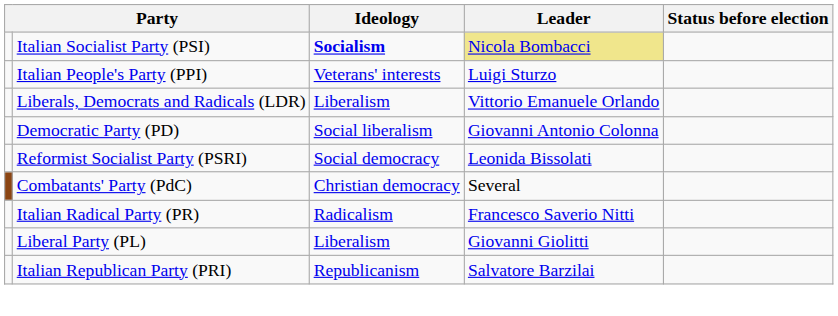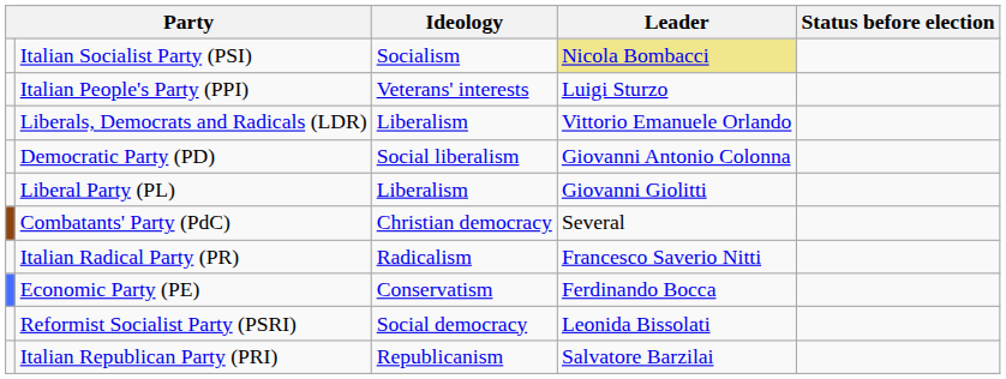 <table class=wikitable>
 <tr>
 <th colspan=2>Party</th>
 <th>Ideology</th>
 <th>Leader</th>
 <th>Status before election</th>
 </tr>
 <tr>
 <td></td>
 <td><a href='#'>Italian Socialist Party</a> (PSI)</td>
-<td><strong><a href='#'>Socialism</a></strong></td>
+<td><a href='#'>Socialism</a></td>
 <td style="background: khaki;"><a href='#'>Nicola Bombacci</a></td>
 <td></td>
 </tr>
 <tr>
 <td></td>
 <td><a href='#'>Italian People's Party</a> (PPI)</td>
 <td><a href='#'>Veterans' interests</a></td>
 <td><a href='#'>Luigi Sturzo</a></td>
 <td></td>
 </tr>
 <tr>
 <td></td>
 <td><a href='#'>Liberals, Democrats and Radicals</a> (LDR)</td>
 <td><a href='#'>Liberalism</a></td>
 <td><a href='#'>Vittorio Emanuele Orlando</a></td>
 <td></td>
 </tr>
 <tr>
 <td></td>
 <td><a href='#'>Democratic Party</a> (PD)</td>
 <td><a href='#'>Social liberalism</a></td>
 <td><a href='#'>Giovanni Antonio Colonna</a></td>
 <td></td>
 </tr>
 <tr>
 <td></td>
-<td><a href='#'>Reformist Socialist Party</a> (PSRI)</td>
-<td><a href='#'>Social democracy</a></td>
-<td><a href='#'>Leonida Bissolati</a></td>
+<td><a href='#'>Liberal Party</a>  (PL)</td>
+<td><a href='#'>Liberalism</a></td>
+<td><a href='#'>Giovanni Giolitti</a></td>
 <td></td>
 </tr>
 <tr>
 <td bgcolor="#8B4513"></td>
 <td><a href='#'>Combatants' Party</a> (PdC)</td>
 <td><a href='#'>Christian democracy</a></td>
 <td>Several</td>
 <td></td>
 </tr>
 <tr>
 <td></td>
 <td><a href='#'>Italian Radical Party</a> (PR)</td>
 <td><a href='#'>Radicalism</a></td>
 <td><a href='#'>Francesco Saverio Nitti</a></td>
 <td></td>
 </tr>
 <tr>
+<td bgcolor="#476DFF"></td>
+<td><a href='#'>Economic Party</a> (PE)</td>
+<td><a href='#'>Conservatism</a></td>
+<td><a href='#'>Ferdinando Bocca</a></td>
 <td></td>
-<td><a href='#'>Liberal Party</a>  (PL)</td>
-<td><a href='#'>Liberalism</a></td>
-<td><a href='#'>Giovanni Giolitti</a></td>
+</tr>
+<tr>
+<td></td>
+<td><a href='#'>Reformist Socialist Party</a> (PSRI)</td>
+<td><a href='#'>Social democracy</a></td>
+<td><a href='#'>Leonida Bissolati</a></td>
 <td></td>
 </tr>
 <tr>
 <td></td>
 <td><a href='#'>Italian Republican Party</a> (PRI)</td>
 <td><a href='#'>Republicanism</a></td>
 <td><a href='#'>Salvatore Barzilai</a></td>
 <td></td>
 </tr>
 </table>
